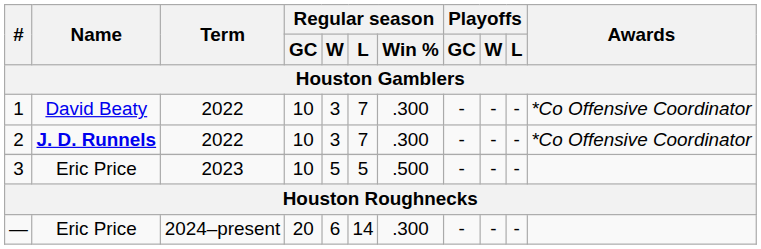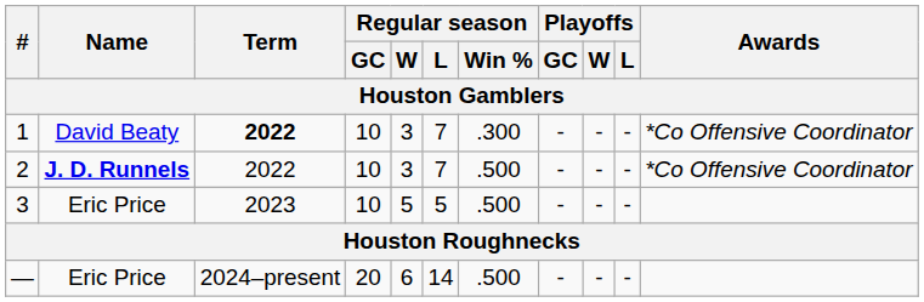 <table class="wikitable" style="text-align:center">
 <tr>
 <th rowspan="2">#</th>
 <th rowspan="2">Name</th>
 <th rowspan="2">Term</th>
 <th colspan="4">Regular season</th>
 <th colspan="3">Playoffs</th>
 <th rowspan="2">Awards</th>
 </tr>
 <tr>
 <th>GC</th>
 <th>W</th>
 <th>L</th>
 <th>Win %</th>
 <th>GC</th>
 <th>W</th>
 <th>L</th>
 </tr>
 <tr>
 <th colspan="11">Houston Gamblers</th>
 </tr>
 <tr>
 <td>1</td>
 <td><a href='#'>David Beaty</a></td>
-<td>2022</td>
+<td><strong>2022</strong></td>
 <td>10</td>
 <td>3</td>
 <td>7</td>
 <td>.300</td>
 <td>-</td>
 <td>-</td>
 <td>-</td>
 <td><em>*Co Offensive Coordinator</em></td>
 </tr>
 <tr>
 <td>2</td>
 <td><strong><a href='#'>J. D. Runnels</a></strong></td>
 <td>2022</td>
 <td>10</td>
 <td>3</td>
 <td>7</td>
-<td>.300</td>
+<td>.500</td>
 <td>-</td>
 <td>-</td>
 <td>-</td>
 <td><em>*Co Offensive Coordinator</em></td>
 </tr>
 <tr>
 </tr>
 <tr>
 </tr>
 <tr>
 <td>3</td>
 <td>Eric Price</td>
 <td>2023</td>
 <td>10</td>
 <td>5</td>
 <td>5</td>
 <td>.500</td>
 <td>-</td>
 <td>-</td>
 <td>-</td>
 </tr>
 <tr>
 <th colspan="11">Houston Roughnecks</th>
 </tr>
 <tr>
 <td align=center>—</td>
 <td>Eric Price</td>
 <td>2024–present</td>
 <td>20</td>
 <td>6</td>
 <td>14</td>
-<td>.300</td>
+<td>.500</td>
 <td>-</td>
 <td>-</td>
 <td>-</td>
 <td></td>
 </tr>
 </table>
